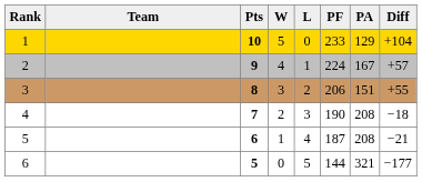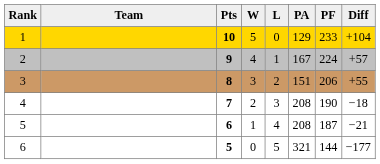 <table style=border-collapse:collapse border=1 cellspacing=0 cellpadding=5>
 <tr align=center bgcolor=#efefef>
 <th width=20>Rank</th>
 <th width=220>Team</th>
 <th width=20>Pts</th>
 <th width=20>W</th>
 <th width=20>L</th>
+<th width=20>PA</th>
 <th width=20>PF</th>
-<th width=20>PA</th>
 <th width=20>Diff</th>
 </tr>
 <tr align=center bgcolor=gold>
 <td>1</td>
 <td align=left></td>
 <td><strong>10</strong></td>
 <td>5</td>
 <td>0</td>
+<td>129</td>
 <td>233</td>
-<td>129</td>
 <td>+104</td>
 </tr>
 <tr align=center bgcolor=silver>
 <td>2</td>
 <td align=left></td>
 <td><strong>9</strong></td>
 <td>4</td>
 <td>1</td>
+<td>167</td>
 <td>224</td>
-<td>167</td>
 <td>+57</td>
 </tr>
 <tr align=center bgcolor=cc9966>
 <td>3</td>
 <td align=left></td>
 <td><strong>8</strong></td>
 <td>3</td>
 <td>2</td>
+<td>151</td>
 <td>206</td>
-<td>151</td>
 <td>+55</td>
 </tr>
 <tr align=center>
 <td>4</td>
 <td align=left></td>
 <td><strong>7</strong></td>
 <td>2</td>
 <td>3</td>
+<td>208</td>
 <td>190</td>
-<td>208</td>
 <td>−18</td>
 </tr>
 <tr align=center>
 <td>5</td>
 <td align=left></td>
 <td><strong>6</strong></td>
 <td>1</td>
 <td>4</td>
+<td>208</td>
 <td>187</td>
-<td>208</td>
 <td>−21</td>
 </tr>
 <tr align=center>
 <td>6</td>
 <td align=left></td>
 <td><strong>5</strong></td>
 <td>0</td>
 <td>5</td>
+<td>321</td>
 <td>144</td>
-<td>321</td>
 <td>−177</td>
 </tr>
 </table>
